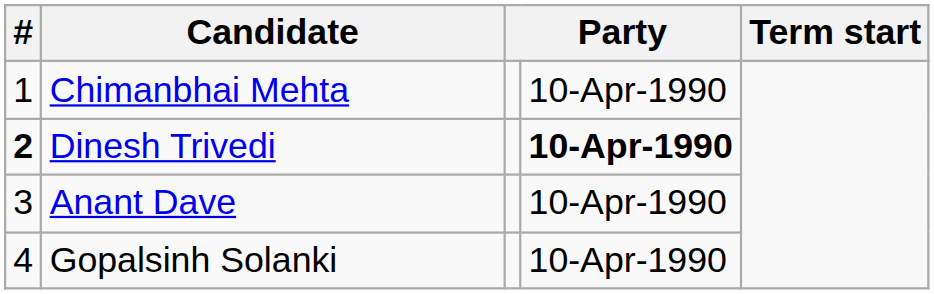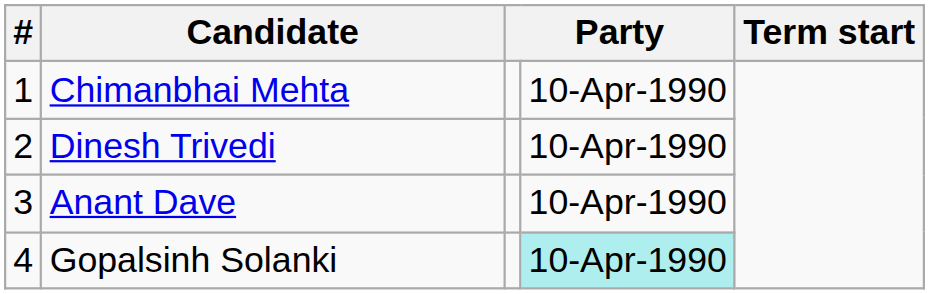 <table class="wikitable">
 <tr>
 <th>#</th>
 <th style="width:200px">Candidate</th>
 <th colspan="2">Party</th>
 <th>Term start</th>
 </tr>
 <tr>
 <td>1</td>
 <td><a href='#'>Chimanbhai Mehta</a></td>
 <td></td>
 <td>10-Apr-1990</td>
 </tr>
 <tr>
-<td><strong>2</strong></td>
+<td>2</td>
 <td><a href='#'>Dinesh Trivedi</a></td>
 <td></td>
-<td><strong>10-Apr-1990</strong></td>
+<td>10-Apr-1990</td>
 </tr>
 <tr>
 <td>3</td>
 <td><a href='#'>Anant Dave</a></td>
 <td></td>
 <td>10-Apr-1990</td>
 </tr>
 <tr>
 <td>4</td>
 <td>Gopalsinh Solanki</td>
 <td></td>
-<td>10-Apr-1990</td>
+<td style="background: paleturquoise;">10-Apr-1990</td>
 </tr>
 </table>
